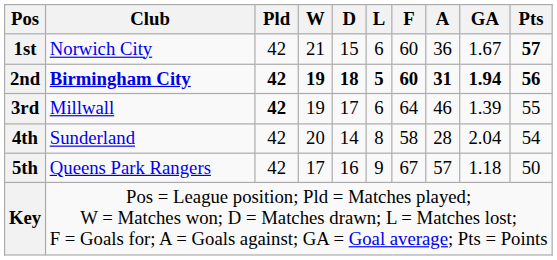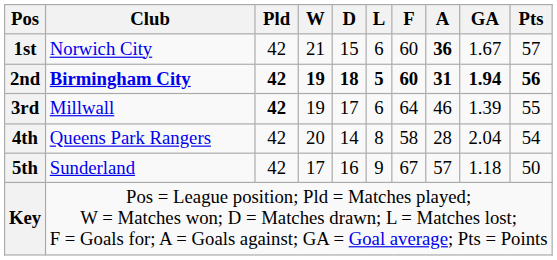 <table class="wikitable" style="text-align:center">
 <tr>
 <th scope="col">Pos</th>
 <th scope="col">Club</th>
 <th scope="col">Pld</th>
 <th scope="col">W</th>
 <th scope="col">D</th>
 <th scope="col">L</th>
 <th scope="col">F</th>
 <th scope="col">A</th>
 <th scope="col">GA</th>
 <th scope="col">Pts</th>
 </tr>
 <tr>
 <th scope="row">1st</th>
 <td align="left"><a href='#'>Norwich City</a></td>
 <td>42</td>
 <td>21</td>
 <td>15</td>
 <td>6</td>
 <td>60</td>
-<td>36</td>
+<td><strong>36</strong></td>
 <td>1.67</td>
-<td><strong>57</strong></td>
+<td>57</td>
 </tr>
 <tr style="font-weight:bold">
 <th scope="row">2nd</th>
 <td align="left"><a href='#'>Birmingham City</a></td>
 <td>42</td>
 <td>19</td>
 <td>18</td>
 <td>5</td>
 <td>60</td>
 <td>31</td>
 <td>1.94</td>
 <td>56</td>
 </tr>
 <tr>
 <th scope="row">3rd</th>
 <td align="left"><a href='#'>Millwall</a></td>
 <td><strong>42</strong></td>
 <td>19</td>
 <td>17</td>
 <td>6</td>
 <td>64</td>
 <td>46</td>
 <td>1.39</td>
 <td>55</td>
 </tr>
 <tr>
 <th scope="row">4th</th>
-<td align="left"><a href='#'>Sunderland</a></td>
+<td align="left"><a href='#'>Queens Park Rangers</a></td>
 <td>42</td>
 <td>20</td>
 <td>14</td>
 <td>8</td>
 <td>58</td>
 <td>28</td>
 <td>2.04</td>
 <td>54</td>
 </tr>
 <tr>
 <th scope="row">5th</th>
-<td align="left"><a href='#'>Queens Park Rangers</a></td>
+<td align="left"><a href='#'>Sunderland</a></td>
 <td>42</td>
 <td>17</td>
 <td>16</td>
 <td>9</td>
 <td>67</td>
 <td>57</td>
 <td>1.18</td>
 <td>50</td>
 </tr>
 <tr>
 <th scope="row">Key</th>
 <td colspan="9">Pos = League position; Pld = Matches played;<br>W = Matches won; D = Matches drawn; L = Matches lost;<br>F = Goals for; A = Goals against; GA = <a href='#'>Goal average</a>; Pts = Points</td>
 </tr>
 </table>
